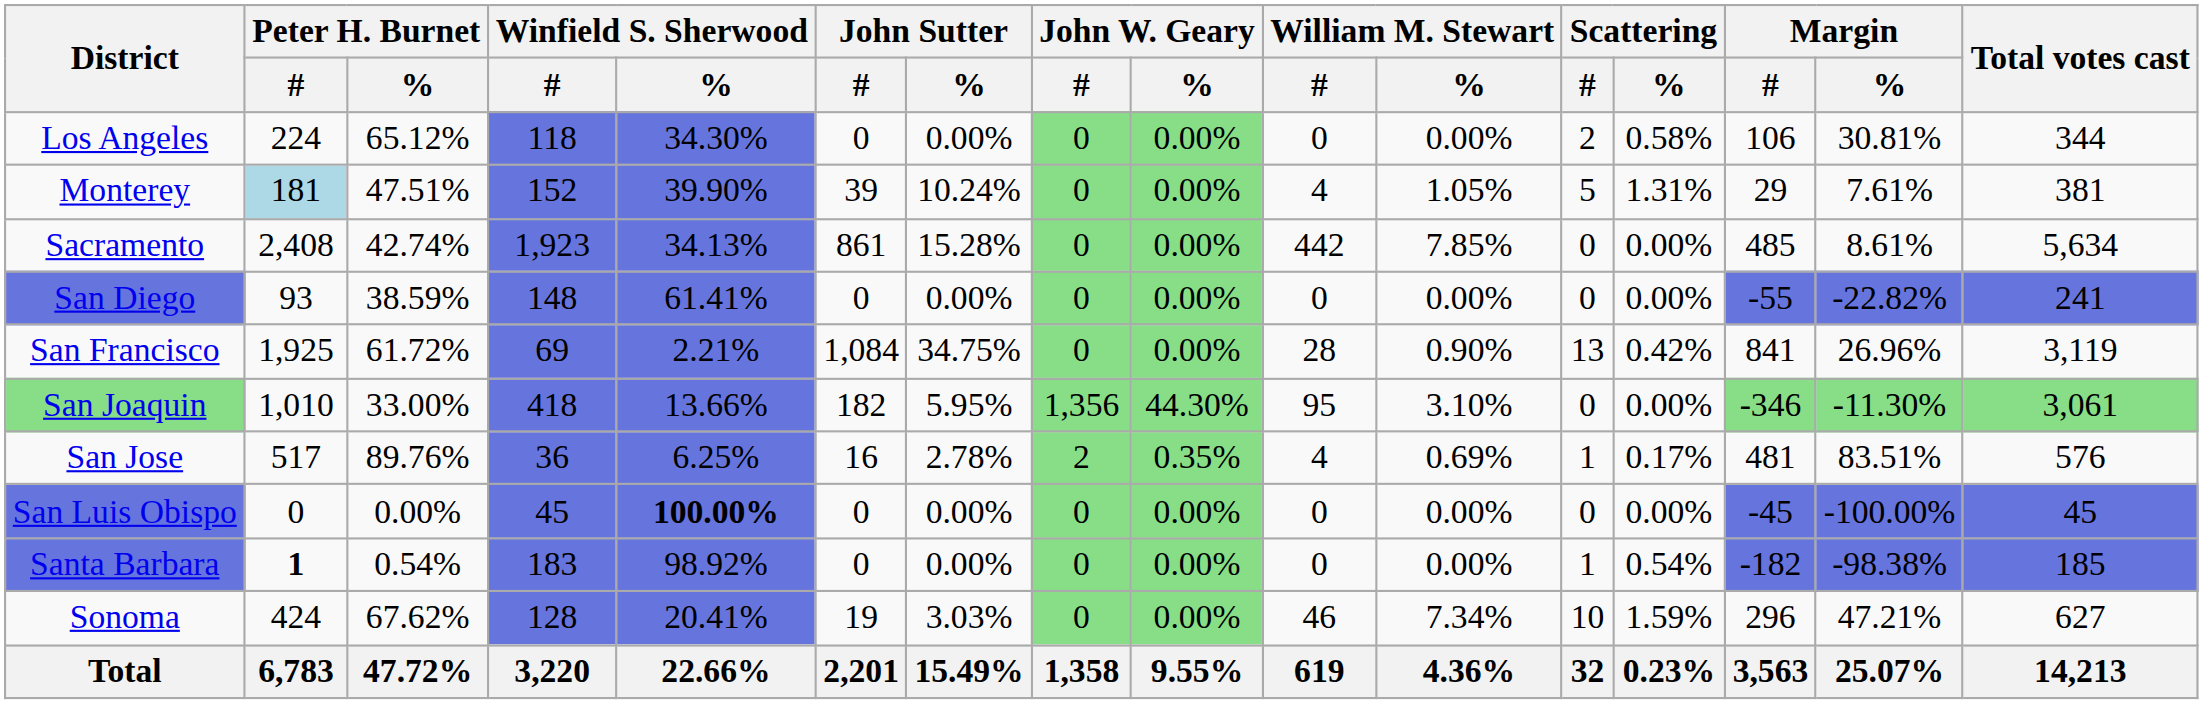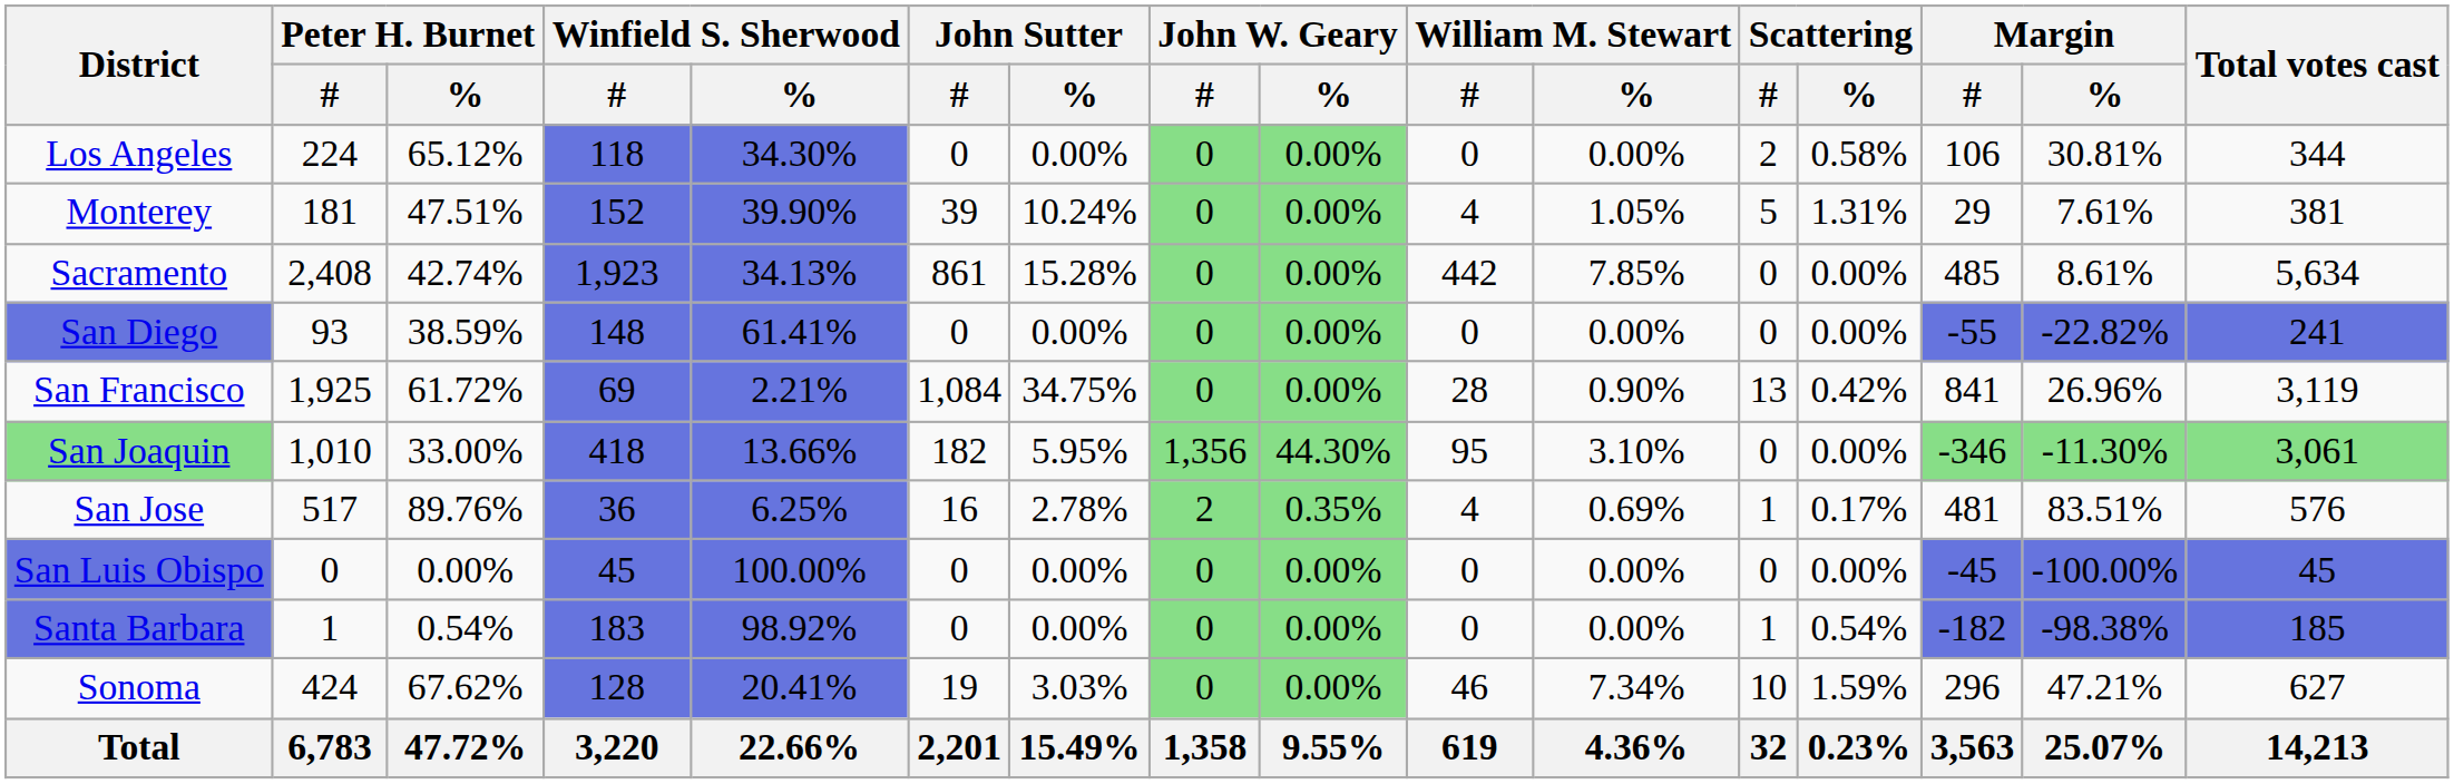 <table class="wikitable sortable" style="text-align:center">
 <tr>
 <th rowspan="2">District</th>
 <th style="text-align:center;" colspan="2">Peter H. Burnet</th>
 <th style="text-align:center;" colspan="2">Winfield S. Sherwood</th>
 <th style="text-align:center;" colspan="2">John Sutter</th>
 <th style="text-align:center;" colspan="2">John W. Geary</th>
 <th style="text-align:center;" colspan="2">William M. Stewart</th>
 <th style="text-align:center;" colspan="2">Scattering</th>
 <th style="text-align:center;" colspan="2">Margin</th>
 <th style="text-align:center;" rowspan="2">Total votes cast</th>
 </tr>
 <tr>
 <th style="text-align:center;" data-sort-type="number">#</th>
 <th style="text-align:center;" data-sort-type="number">%</th>
 <th style="text-align:center;" data-sort-type="number">#</th>
 <th style="text-align:center;" data-sort-type="number">%</th>
 <th style="text-align:center;" data-sort-type="number">#</th>
 <th style="text-align:center;" data-sort-type="number">%</th>
 <th style="text-align:center;" data-sort-type="number">#</th>
 <th style="text-align:center;" data-sort-type="number">%</th>
 <th style="text-align:center;" data-sort-type="number">#</th>
 <th style="text-align:center;" data-sort-type="number">%</th>
 <th style="text-align:center;" data-sort-type="number">#</th>
 <th style="text-align:center;" data-sort-type="number">%</th>
 <th style="text-align:center;" data-sort-type="number">#</th>
 <th style="text-align:center;" data-sort-type="number">%</th>
 </tr>
 <tr style="text-align:center;">
 <td><a href='#'>Los Angeles</a></td>
 <td>224</td>
 <td>65.12%</td>
 <td bgcolor="#6674DE">118</td>
 <td bgcolor="#6674DE">34.30%</td>
 <td>0</td>
 <td>0.00%</td>
 <td bgcolor="#87de87">0</td>
 <td bgcolor="#87de87">0.00%</td>
 <td>0</td>
 <td>0.00%</td>
 <td>2</td>
 <td>0.58%</td>
 <td>106</td>
 <td>30.81%</td>
 <td>344</td>
 </tr>
 <tr style="text-align:center;">
 <td><a href='#'>Monterey</a></td>
-<td style="background: lightblue;">181</td>
+<td>181</td>
 <td>47.51%</td>
 <td bgcolor="#6674DE">152</td>
 <td bgcolor="#6674DE">39.90%</td>
 <td>39</td>
 <td>10.24%</td>
 <td bgcolor="#87de87">0</td>
 <td bgcolor="#87de87">0.00%</td>
 <td>4</td>
 <td>1.05%</td>
 <td>5</td>
 <td>1.31%</td>
 <td>29</td>
 <td>7.61%</td>
 <td>381</td>
 </tr>
 <tr style="text-align:center;">
 <td><a href='#'>Sacramento</a></td>
 <td>2,408</td>
 <td>42.74%</td>
 <td bgcolor="#6674DE">1,923</td>
 <td bgcolor="#6674DE">34.13%</td>
 <td>861</td>
 <td>15.28%</td>
 <td bgcolor="#87de87">0</td>
 <td bgcolor="#87de87">0.00%</td>
 <td>442</td>
 <td>7.85%</td>
 <td>0</td>
 <td>0.00%</td>
 <td>485</td>
 <td>8.61%</td>
 <td>5,634</td>
 </tr>
 <tr style="text-align:center;">
 <td bgcolor="#6674DE"><a href='#'>San Diego</a></td>
 <td>93</td>
 <td>38.59%</td>
 <td bgcolor="#6674DE">148</td>
 <td bgcolor="#6674DE">61.41%</td>
 <td>0</td>
 <td>0.00%</td>
 <td bgcolor="#87de87">0</td>
 <td bgcolor="#87de87">0.00%</td>
 <td>0</td>
 <td>0.00%</td>
 <td>0</td>
 <td>0.00%</td>
 <td bgcolor="#6674DE">-55</td>
 <td bgcolor="#6674DE">-22.82%</td>
 <td bgcolor="#6674DE">241</td>
 </tr>
 <tr style="text-align:center;">
 <td><a href='#'>San Francisco</a></td>
 <td>1,925</td>
 <td>61.72%</td>
 <td bgcolor="#6674DE">69</td>
 <td bgcolor="#6674DE">2.21%</td>
 <td>1,084</td>
 <td>34.75%</td>
 <td bgcolor="#87de87">0</td>
 <td bgcolor="#87de87">0.00%</td>
 <td>28</td>
 <td>0.90%</td>
 <td>13</td>
 <td>0.42%</td>
 <td>841</td>
 <td>26.96%</td>
 <td>3,119</td>
 </tr>
 <tr style="text-align:center;">
 <td bgcolor="#87de87"><a href='#'>San Joaquin</a></td>
 <td>1,010</td>
 <td>33.00%</td>
 <td bgcolor="#6674DE">418</td>
 <td bgcolor="#6674DE">13.66%</td>
 <td>182</td>
 <td>5.95%</td>
 <td bgcolor="#87de87">1,356</td>
 <td bgcolor="#87de87">44.30%</td>
 <td>95</td>
 <td>3.10%</td>
 <td>0</td>
 <td>0.00%</td>
 <td bgcolor="#87de87">-346</td>
 <td bgcolor="#87de87">-11.30%</td>
 <td bgcolor="#87de87">3,061</td>
 </tr>
 <tr style="text-align:center;">
 <td><a href='#'>San Jose</a></td>
 <td>517</td>
 <td>89.76%</td>
 <td bgcolor="#6674DE">36</td>
 <td bgcolor="#6674DE">6.25%</td>
 <td>16</td>
 <td>2.78%</td>
 <td bgcolor="#87de87">2</td>
 <td bgcolor="#87de87">0.35%</td>
 <td>4</td>
 <td>0.69%</td>
 <td>1</td>
 <td>0.17%</td>
 <td>481</td>
 <td>83.51%</td>
 <td>576</td>
 </tr>
 <tr style="text-align:center;">
 <td bgcolor="#6674DE"><a href='#'>San Luis Obispo</a></td>
 <td>0</td>
 <td>0.00%</td>
 <td bgcolor="#6674DE">45</td>
-<td bgcolor="#6674DE"><strong>100.00%</strong></td>
+<td bgcolor="#6674DE">100.00%</td>
 <td>0</td>
 <td>0.00%</td>
 <td bgcolor="#87de87">0</td>
 <td bgcolor="#87de87">0.00%</td>
 <td>0</td>
 <td>0.00%</td>
 <td>0</td>
 <td>0.00%</td>
 <td bgcolor="#6674DE">-45</td>
 <td bgcolor="#6674DE">-100.00%</td>
 <td bgcolor="#6674DE">45</td>
 </tr>
 <tr style="text-align:center;">
 <td bgcolor="#6674DE"><a href='#'>Santa Barbara</a></td>
-<td><strong>1</strong></td>
+<td>1</td>
 <td>0.54%</td>
 <td bgcolor="#6674DE">183</td>
 <td bgcolor="#6674DE">98.92%</td>
 <td>0</td>
 <td>0.00%</td>
 <td bgcolor="#87de87">0</td>
 <td bgcolor="#87de87">0.00%</td>
 <td>0</td>
 <td>0.00%</td>
 <td>1</td>
 <td>0.54%</td>
 <td bgcolor="#6674DE">-182</td>
 <td bgcolor="#6674DE">-98.38%</td>
 <td bgcolor="#6674DE">185</td>
 </tr>
 <tr style="text-align:center;">
 <td><a href='#'>Sonoma</a></td>
 <td>424</td>
 <td>67.62%</td>
 <td bgcolor="#6674DE">128</td>
 <td bgcolor="#6674DE">20.41%</td>
 <td>19</td>
 <td>3.03%</td>
 <td bgcolor="#87de87">0</td>
 <td bgcolor="#87de87">0.00%</td>
 <td>46</td>
 <td>7.34%</td>
 <td>10</td>
 <td>1.59%</td>
 <td>296</td>
 <td>47.21%</td>
 <td>627</td>
 </tr>
 <tr style="text-align:center;">
 <th>Total</th>
 <th>6,783</th>
 <th>47.72%</th>
 <th>3,220</th>
 <th>22.66%</th>
 <th>2,201</th>
 <th>15.49%</th>
 <th>1,358</th>
 <th>9.55%</th>
 <th>619</th>
 <th>4.36%</th>
 <th>32</th>
 <th>0.23%</th>
 <th>3,563</th>
 <th>25.07%</th>
 <th>14,213</th>
 </tr>
 </table>
